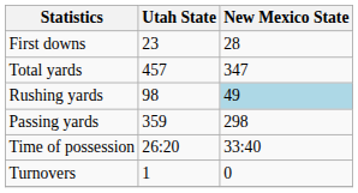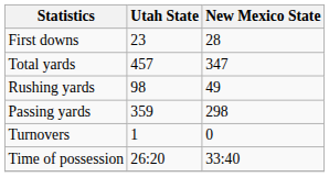 <table class="wikitable">
 <tr>
 <th>Statistics</th>
 <th>Utah State</th>
 <th>New Mexico State</th>
 </tr>
 <tr>
 <td>First downs</td>
 <td>23</td>
 <td>28</td>
 </tr>
 <tr>
 <td>Total yards</td>
 <td>457</td>
 <td>347</td>
 </tr>
 <tr>
 <td>Rushing yards</td>
 <td>98</td>
-<td style="background: lightblue;">49</td>
+<td>49</td>
 </tr>
 <tr>
 <td>Passing yards</td>
 <td>359</td>
 <td>298</td>
 </tr>
 <tr>
+<td>Turnovers</td>
+<td>1</td>
+<td>0</td>
+</tr>
+<tr>
 <td>Time of possession</td>
 <td>26:20</td>
 <td>33:40</td>
 </tr>
 <tr>
-<td>Turnovers</td>
-<td>1</td>
-<td>0</td>
-</tr>
-<tr>
 </tr>
 </table>
